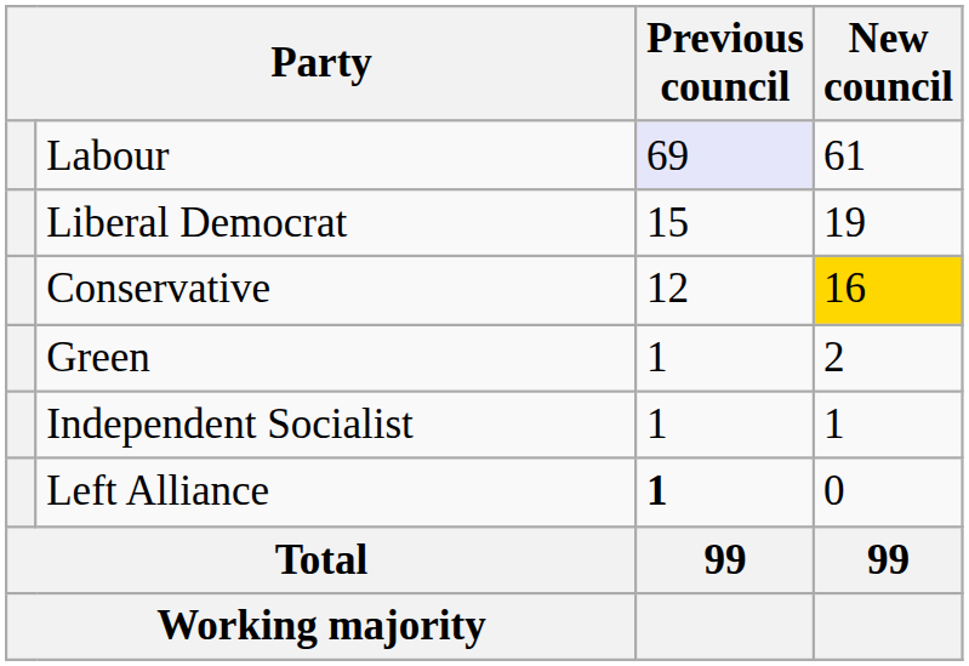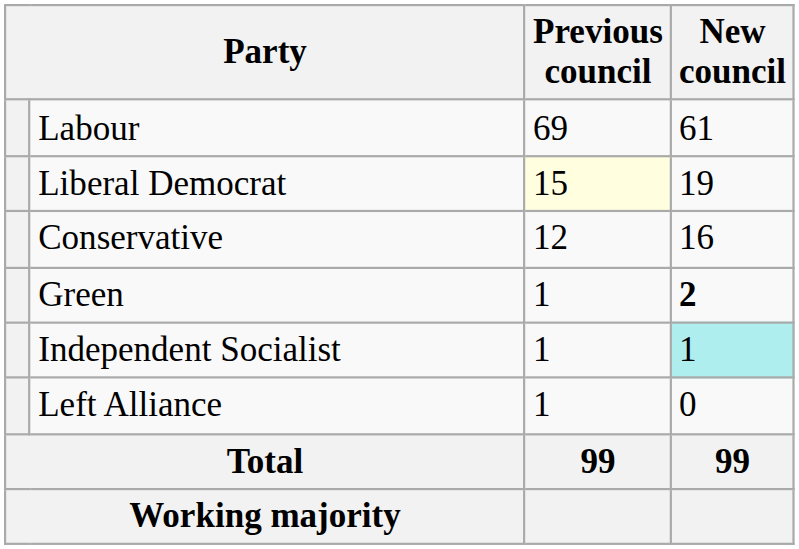 <table class="wikitable">
 <tr>
 <th valign=centre colspan="2" style="width: 230px">Party</th>
 <th valign=top style="width: 30px">Previous council</th>
 <th valign=top style="width: 30px">New council</th>
 </tr>
 <tr>
 <th style="background-color: "></th>
 <td>Labour</td>
-<td style="background: lavender;">69</td>
+<td>69</td>
 <td>61</td>
 </tr>
 <tr>
 <th style="background-color: "></th>
 <td>Liberal Democrat</td>
-<td>15</td>
+<td style="background: lightyellow;">15</td>
 <td>19</td>
 </tr>
 <tr>
 <th style="background-color: "></th>
 <td>Conservative</td>
 <td>12</td>
-<td style="background: gold;">16</td>
+<td>16</td>
 </tr>
 <tr>
 <th style="background-color: "></th>
 <td>Green</td>
 <td>1</td>
-<td>2</td>
+<td><strong>2</strong></td>
 </tr>
 <tr>
 <th style="background-color: "></th>
 <td>Independent Socialist</td>
 <td>1</td>
-<td>1</td>
+<td style="background: paleturquoise;">1</td>
 </tr>
 <tr>
 <th style="background-color: "></th>
 <td>Left Alliance</td>
-<td><strong>1</strong></td>
+<td>1</td>
 <td>0</td>
 </tr>
 <tr>
 <th colspan=2>Total</th>
 <th style="text-align: center">99</th>
 <th colspan=3>99</th>
 </tr>
 <tr>
 <th colspan=2>Working majority</th>
 <th></th>
 <th></th>
 </tr>
 </table>
